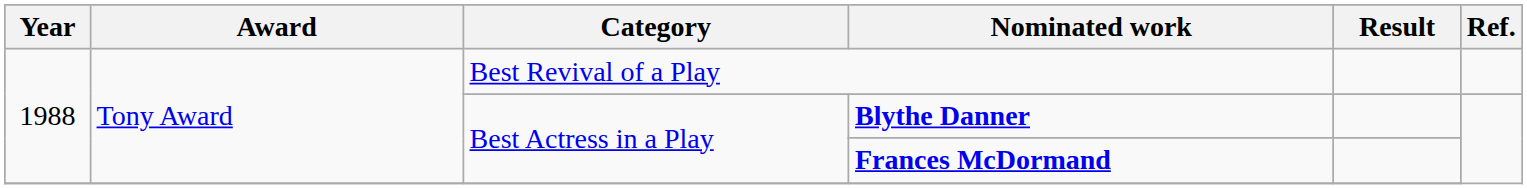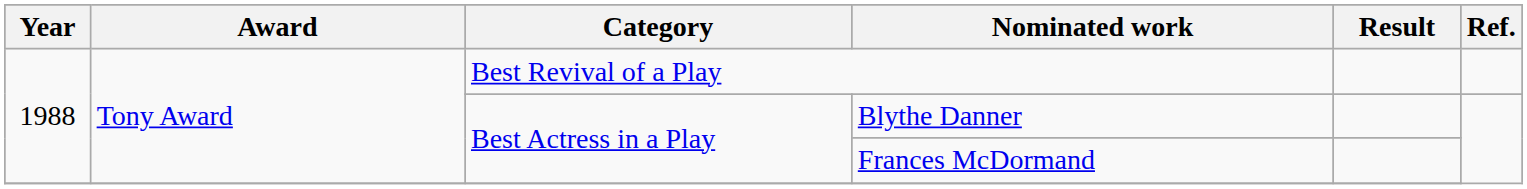 <table class=wikitable>
 <tr>
 <th scope="col" style="width:3em;">Year</th>
 <th scope="col" style="width:20em;">Award</th>
 <th scope="col" style="width:20em;">Category</th>
 <th scope="col" style="width:25em;">Nominated work</th>
 <th scope="col" style="width:5em;">Result</th>
 <th>Ref.</th>
 </tr>
 <tr>
 <td style="text-align:center;", rowspan=3>1988</td>
 <td rowspan=3><a href='#'>Tony Award</a></td>
 <td colspan=2><a href='#'>Best Revival of a Play</a></td>
 <td></td>
 <td></td>
 </tr>
 <tr>
 <td rowspan=2><a href='#'>Best Actress in a Play</a></td>
-<td><strong><a href='#'>Blythe Danner</a></strong></td>
+<td><a href='#'>Blythe Danner</a></td>
 <td></td>
 </tr>
 <tr>
-<td><strong><a href='#'>Frances McDormand</a></strong></td>
+<td><a href='#'>Frances McDormand</a></td>
 <td></td>
 </tr>
 <tr>
 </tr>
 </table>
